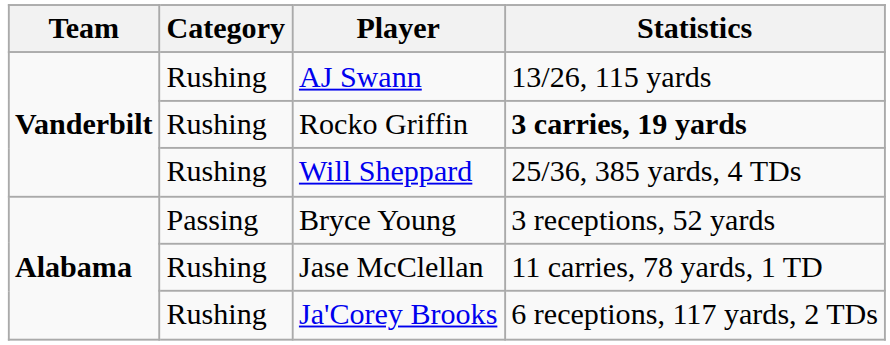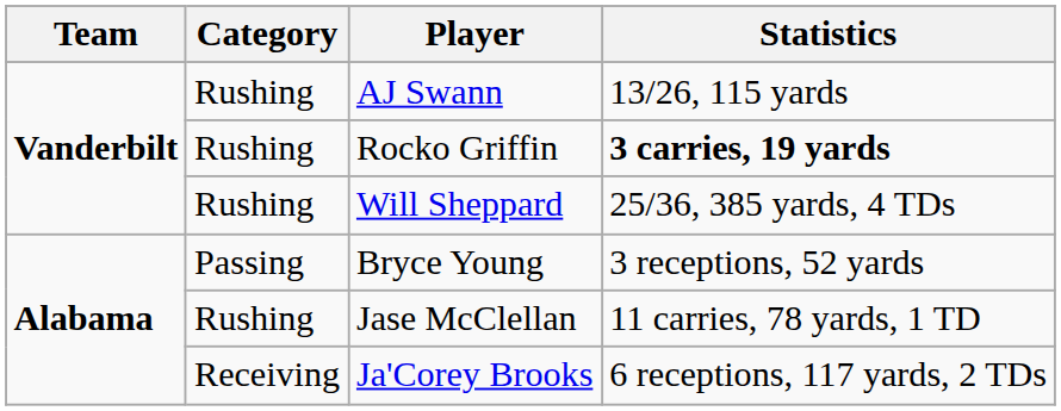 <table class="wikitable" style="float: right;">
 <tr>
 <th>Team</th>
 <th>Category</th>
 <th>Player</th>
 <th>Statistics</th>
 </tr>
 <tr>
 <td rowspan=3><strong>Vanderbilt</strong></td>
 <td>Rushing</td>
 <td><a href='#'>AJ Swann</a></td>
 <td>13/26, 115 yards</td>
 </tr>
 <tr>
 <td>Rushing</td>
 <td>Rocko Griffin</td>
 <td><strong>3 carries, 19 yards</strong></td>
 </tr>
 <tr>
 <td>Rushing</td>
 <td><a href='#'>Will Sheppard</a></td>
 <td>25/36, 385 yards, 4 TDs</td>
 </tr>
 <tr>
 <td rowspan=3><strong>Alabama</strong></td>
 <td>Passing</td>
 <td>Bryce Young</td>
 <td>3 receptions, 52 yards</td>
 </tr>
 <tr>
 <td>Rushing</td>
 <td>Jase McClellan</td>
 <td>11 carries, 78 yards, 1 TD</td>
 </tr>
 <tr>
-<td>Rushing</td>
+<td>Receiving</td>
 <td><a href='#'>Ja'Corey Brooks</a></td>
 <td>6 receptions, 117 yards, 2 TDs</td>
 </tr>
 </table>
